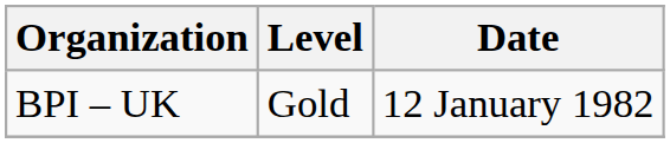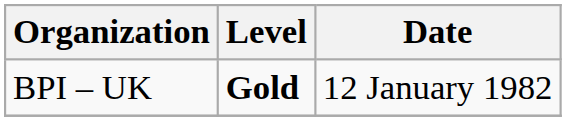 <table class="wikitable">
 <tr>
 <th align="left">Organization</th>
 <th align="left">Level</th>
 <th align="left">Date</th>
 </tr>
 <tr>
 <td align="left">BPI – UK</td>
-<td align="left">Gold</td>
+<td align="left"><strong>Gold</strong></td>
 <td align="left">12 January 1982</td>
 </tr>
 <tr>
 </tr>
 </table>
